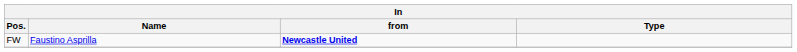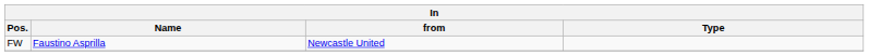 <table class="wikitable" style="font-size:90%;width:99%;">
 <tr>
 <th colspan="4">In</th>
 </tr>
 <tr>
 <th width=3%>Pos.</th>
 <th width=32%>Name</th>
 <th width=30%>from</th>
 <th width=35%>Type</th>
 </tr>
 <tr>
 <td>FW</td>
 <td><a href='#'>Faustino Asprilla</a></td>
-<td><strong><a href='#'>Newcastle United</a></strong></td>
+<td><a href='#'>Newcastle United</a></td>
 <td></td>
 </tr>
 <tr>
 </tr>
 </table>
